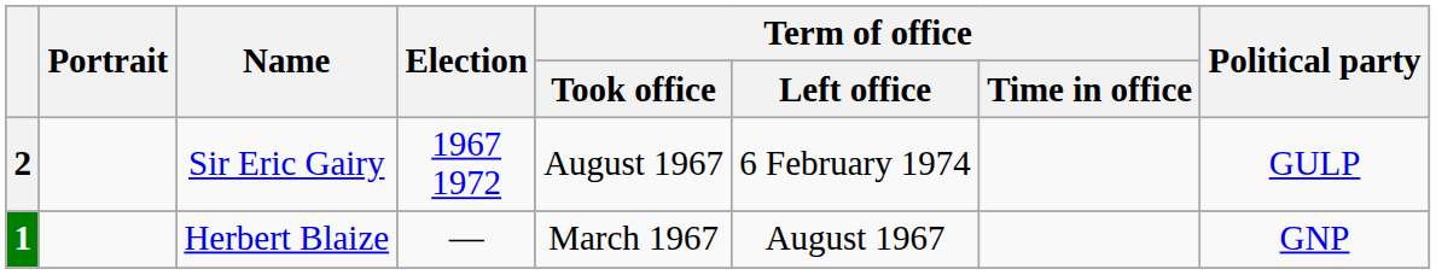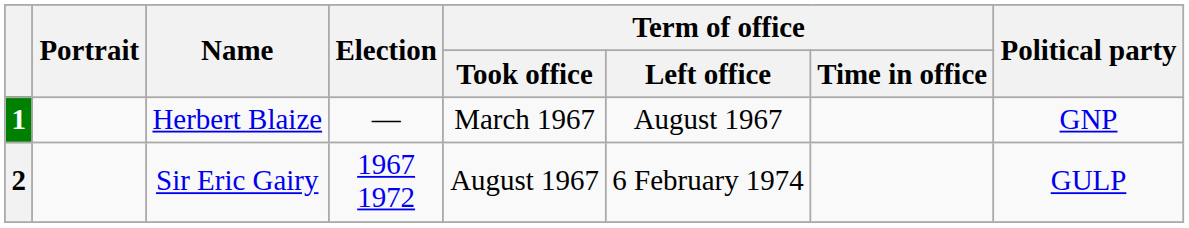 <table class=wikitable style=text-align:center>
 <tr>
 <th rowspan="2"></th>
 <th rowspan="2">Portrait</th>
 <th rowspan="2">Name<br></th>
 <th rowspan="2">Election</th>
 <th colspan="3">Term of office</th>
 <th rowspan="2">Political party</th>
 </tr>
 <tr>
 <th>Took office</th>
 <th>Left office</th>
 <th>Time in office</th>
 </tr>
 <tr>
+<th style="background:Green; color:white">1</th>
+<td></td>
+<td><a href='#'>Herbert Blaize</a><br></td>
+<td>—</td>
+<td>March 1967</td>
+<td>August 1967</td>
+<td></td>
+<td><a href='#'>GNP</a></td>
+</tr>
+<tr>
 <th style="background:">2</th>
 <td></td>
 <td><a href='#'>Sir Eric Gairy</a><br></td>
 <td><a href='#'>1967</a><br><a href='#'>1972</a></td>
 <td>August 1967</td>
 <td>6 February 1974</td>
 <td></td>
 <td><a href='#'>GULP</a></td>
 </tr>
-<tr>
-<th style="background:Green; color:white">1</th>
-<td></td>
-<td><a href='#'>Herbert Blaize</a><br></td>
-<td>—</td>
-<td>March 1967</td>
-<td>August 1967</td>
-<td></td>
-<td><a href='#'>GNP</a></td>
-</tr>
 </table>
